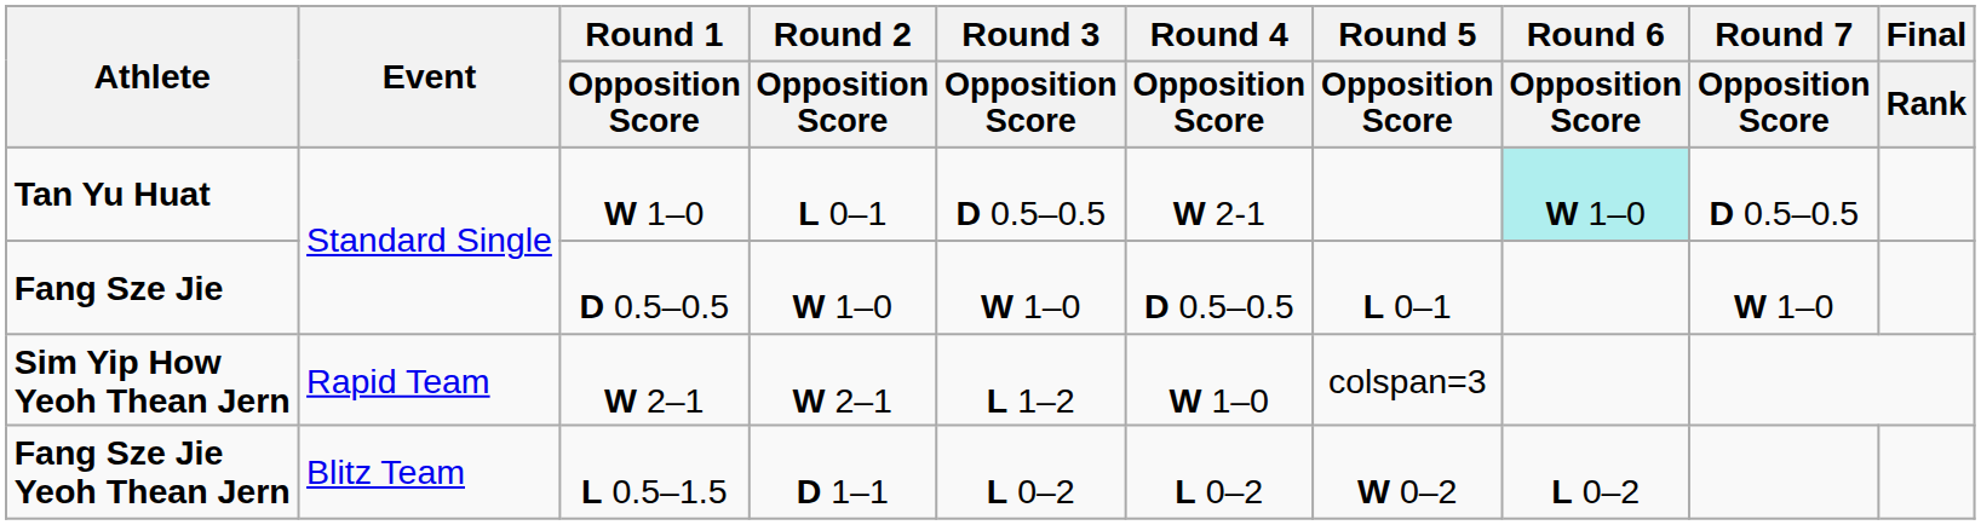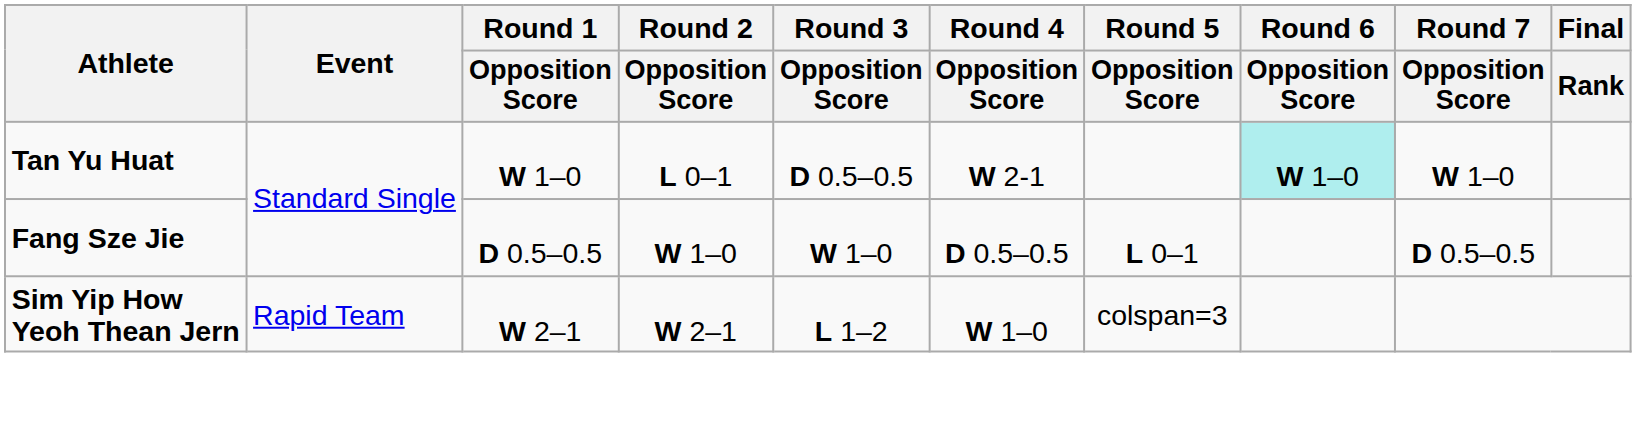 <table class="wikitable" style="font-size:90%">
 <tr>
 <th rowspan="2">Athlete</th>
 <th rowspan="2">Event</th>
 <th>Round 1</th>
 <th>Round 2</th>
 <th>Round 3</th>
 <th>Round 4</th>
 <th>Round 5</th>
 <th>Round 6</th>
 <th>Round 7</th>
 <th>Final</th>
 </tr>
 <tr style="font-size:95%", align="center">
 <th>Opposition<br>Score</th>
 <th>Opposition<br>Score</th>
 <th>Opposition<br>Score</th>
 <th>Opposition<br>Score</th>
 <th>Opposition<br>Score</th>
 <th>Opposition<br>Score</th>
 <th>Opposition<br>Score</th>
 <th>Rank</th>
 </tr>
 <tr align="center">
 <td align="left"><strong>Tan Yu Huat</strong></td>
 <td align="left" rowspan="2"><a href='#'>Standard Single</a></td>
 <td><br><strong>W</strong> 1–0</td>
 <td><br><strong>L</strong> 0–1</td>
 <td><br><strong>D</strong> 0.5–0.5</td>
 <td><br><strong>W</strong> 2-1</td>
 <td></td>
 <td style="background: paleturquoise;"><br><strong>W</strong> 1–0</td>
-<td><br><strong>D</strong> 0.5–0.5</td>
+<td><br><strong>W</strong> 1–0</td>
 <td></td>
 </tr>
 <tr align="center">
 <td align="left"><strong>Fang Sze Jie</strong></td>
 <td><br><strong>D</strong> 0.5–0.5</td>
 <td><br><strong>W</strong> 1–0</td>
 <td><br><strong>W</strong> 1–0</td>
 <td><br><strong>D</strong> 0.5–0.5</td>
 <td><br><strong>L</strong> 0–1</td>
 <td></td>
-<td><br><strong>W</strong> 1–0</td>
+<td><br><strong>D</strong> 0.5–0.5</td>
 <td></td>
 </tr>
 <tr align="center">
 <td align="left"><strong>Sim Yip How<br>Yeoh Thean Jern</strong></td>
 <td align="left"><a href='#'>Rapid Team</a></td>
 <td><br><strong>W</strong> 2–1</td>
 <td><br><strong>W</strong> 2–1</td>
 <td><br><strong>L</strong> 1–2</td>
 <td><br><strong>W</strong> 1–0</td>
 <td>colspan=3 </td>
 <td></td>
 </tr>
-<tr align="center">
-<td align="left"><strong>Fang Sze Jie<br>Yeoh Thean Jern</strong></td>
-<td align="left"><a href='#'>Blitz Team</a></td>
-<td><br><strong>L</strong> 0.5–1.5</td>
-<td><br><strong>D</strong> 1–1</td>
-<td><br><strong>L</strong> 0–2</td>
-<td><br><strong>L</strong> 0–2</td>
-<td><br><strong>W</strong> 0–2</td>
-<td><br><strong>L</strong> 0–2</td>
-<td></td>
-<td></td>
-</tr>
 </table>
